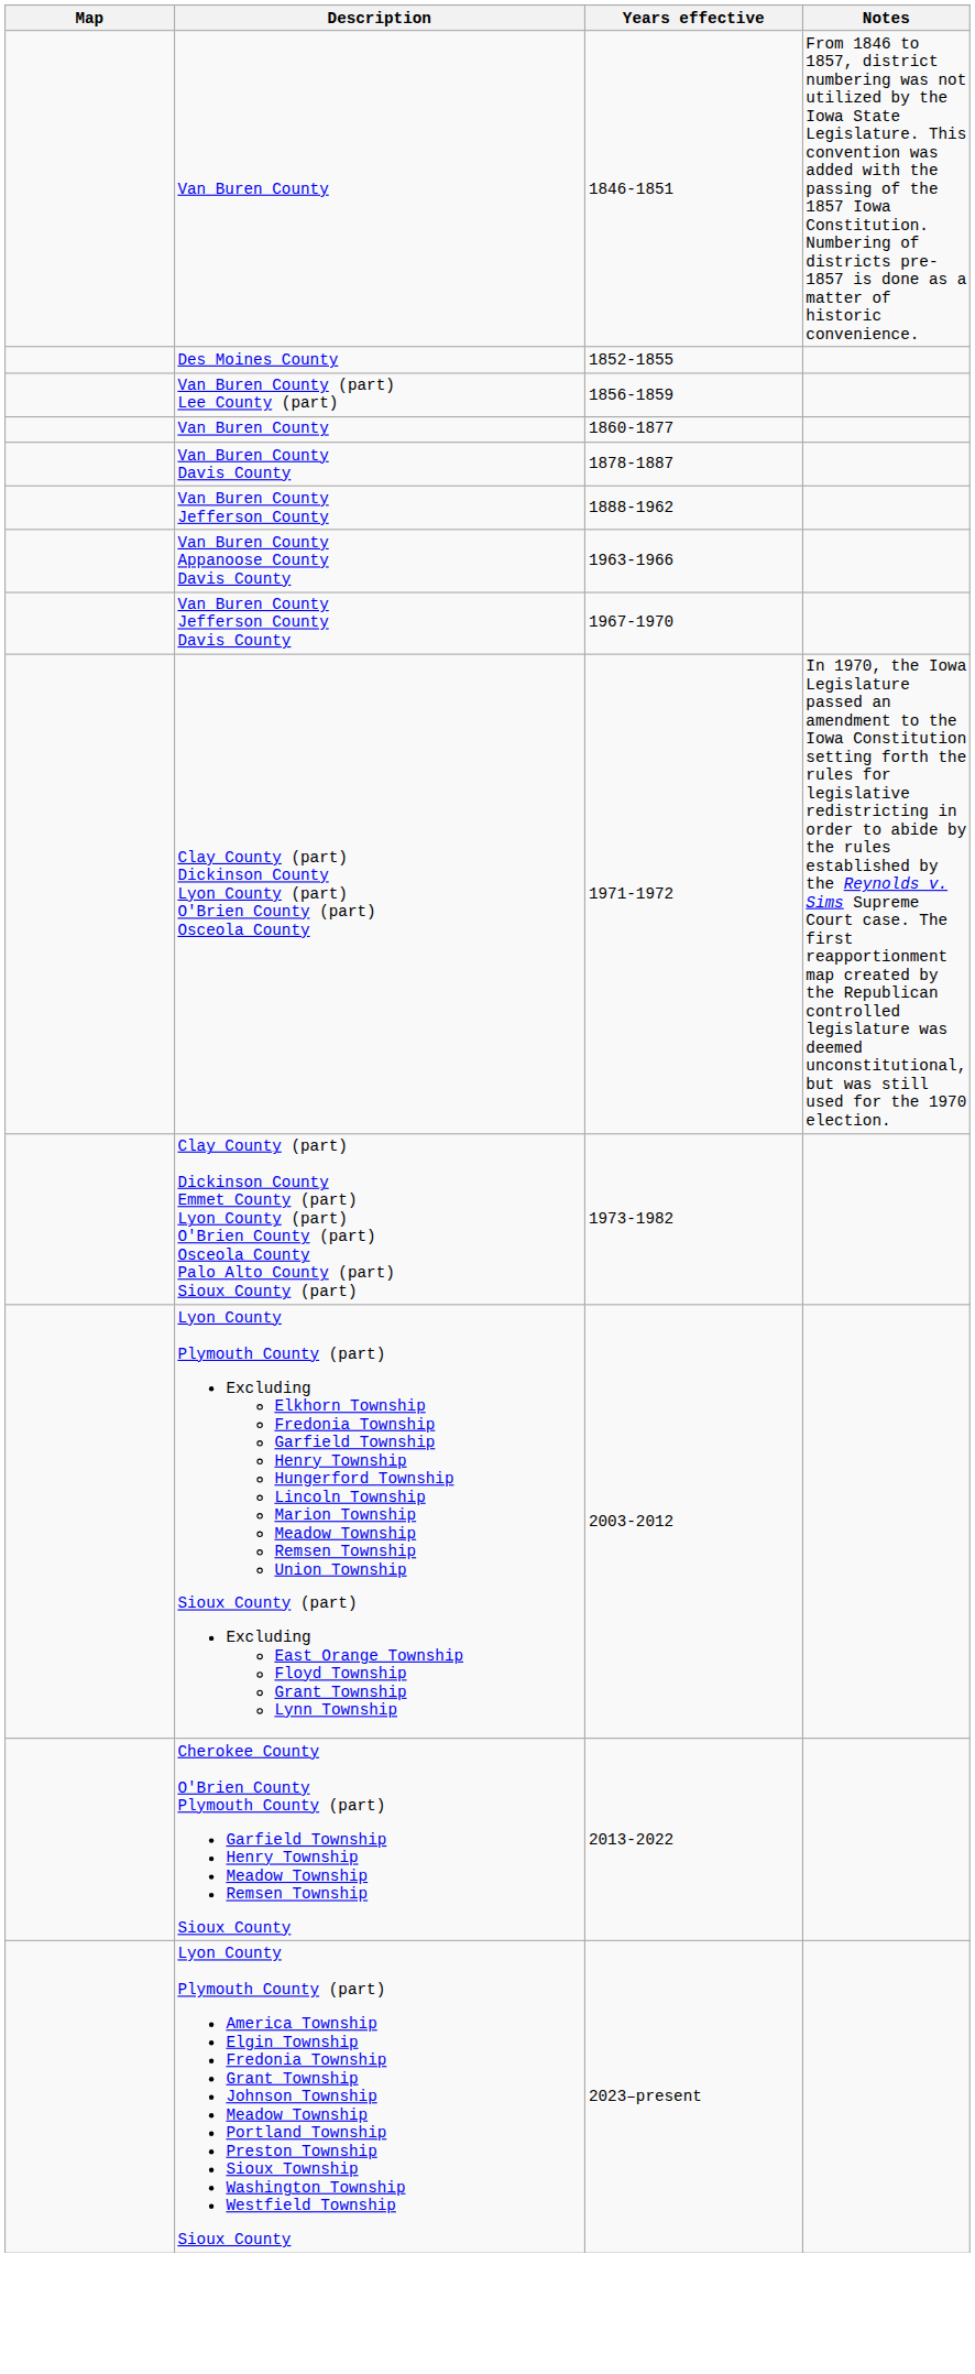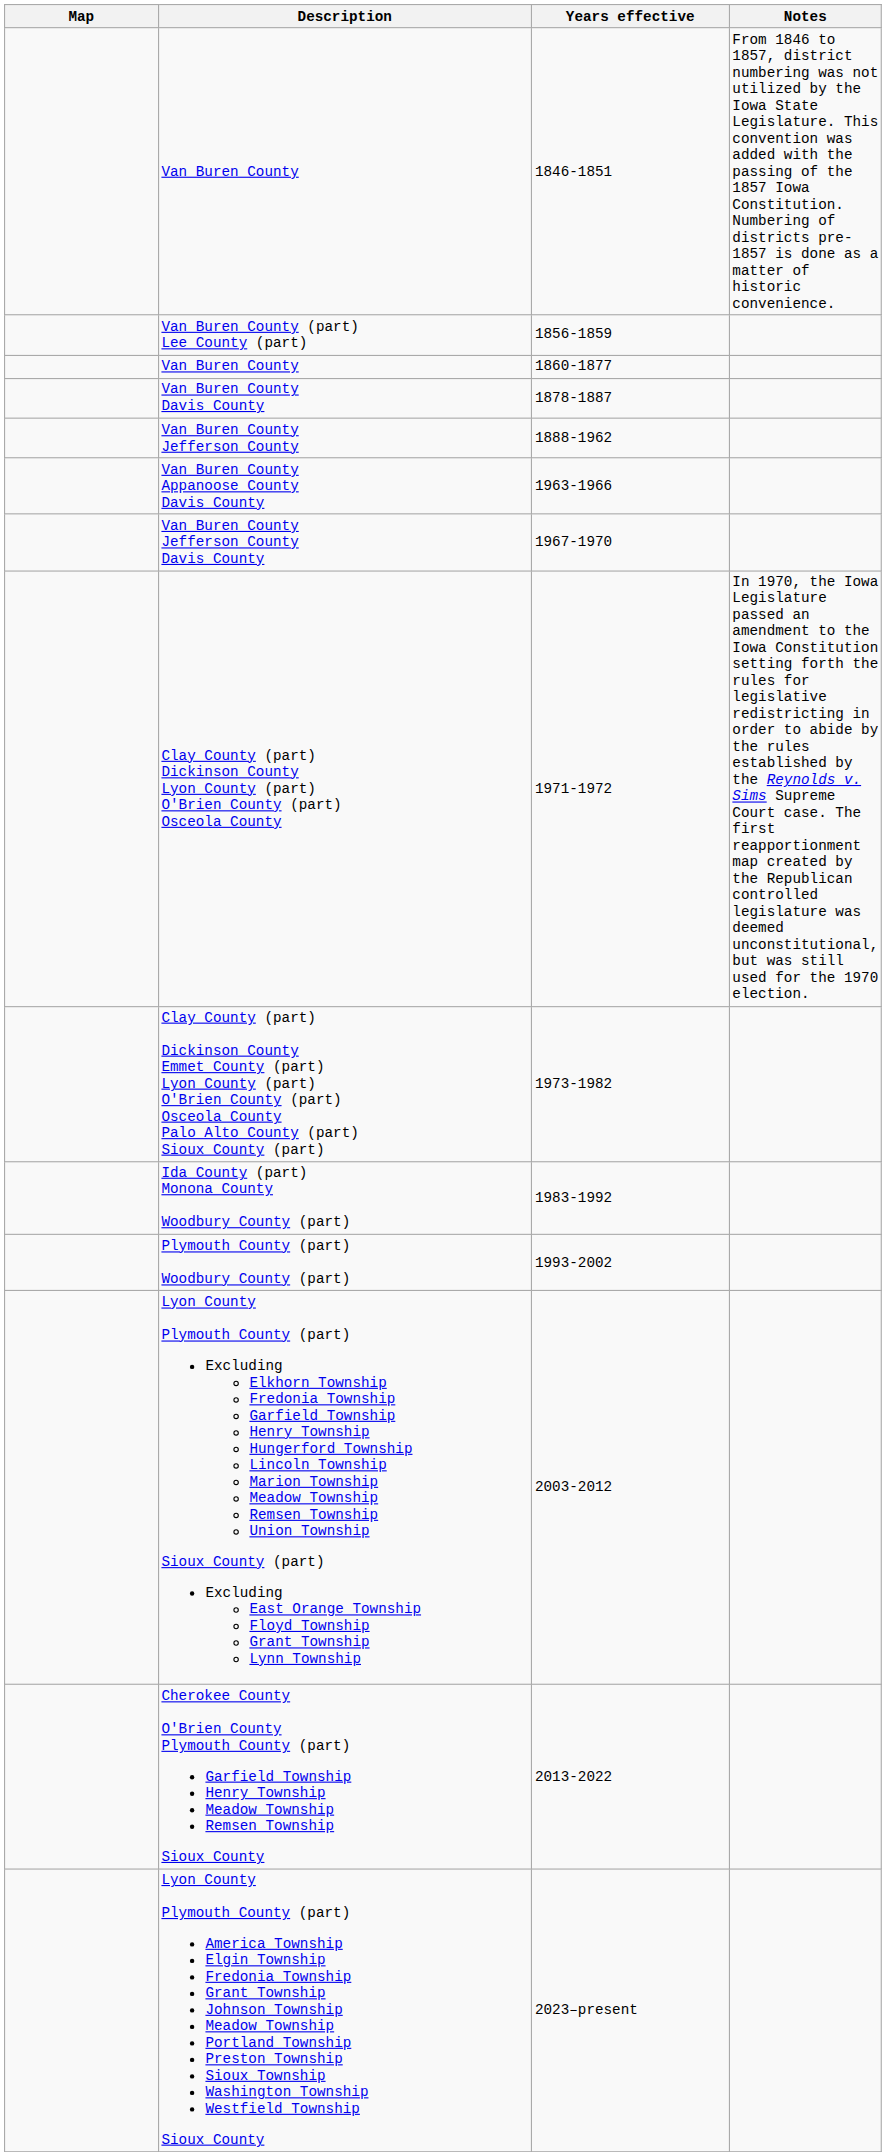 <table class="wikitable sortable">
 <tr>
 <th style="width:100pt;">Map</th>
 <th style="width:250pt;">Description</th>
 <th style="width:130pt;">Years effective</th>
 <th style="width:15pt;">Notes</th>
 </tr>
 <tr>
 <td></td>
 <td><a href='#'>Van Buren County</a></td>
 <td>1846-1851</td>
 <td>From 1846 to 1857, district numbering was not utilized by the Iowa State Legislature. This convention was added with the passing of the 1857 Iowa Constitution. Numbering of districts pre-1857 is done as a matter of historic convenience.</td>
-</tr>
-<tr>
-<td></td>
-<td><a href='#'>Des Moines County</a></td>
-<td>1852-1855</td>
-<td></td>
 </tr>
 <tr>
 <td></td>
 <td><a href='#'>Van Buren County</a> (part)<br><a href='#'>Lee County</a> (part)</td>
 <td>1856-1859</td>
 <td></td>
 </tr>
 <tr>
 <td></td>
 <td><a href='#'>Van Buren County</a></td>
 <td>1860-1877</td>
 <td></td>
 </tr>
 <tr>
 <td></td>
 <td><a href='#'>Van Buren County</a><br><a href='#'>Davis County</a></td>
 <td>1878-1887</td>
 <td></td>
 </tr>
 <tr>
 <td></td>
 <td><a href='#'>Van Buren County</a><br><a href='#'>Jefferson County</a></td>
 <td>1888-1962</td>
 <td></td>
 </tr>
 <tr>
 <td></td>
 <td><a href='#'>Van Buren County</a><br><a href='#'>Appanoose County</a><br><a href='#'>Davis County</a></td>
 <td>1963-1966</td>
 <td></td>
 </tr>
 <tr>
 <td></td>
 <td><a href='#'>Van Buren County</a><br><a href='#'>Jefferson County</a><br><a href='#'>Davis County</a></td>
 <td>1967-1970</td>
 <td></td>
 </tr>
 <tr>
 <td></td>
 <td><a href='#'>Clay County</a> (part)<br><a href='#'>Dickinson County</a><br><a href='#'>Lyon County</a> (part)<br><a href='#'>O'Brien County</a> (part)<br><a href='#'>Osceola County</a></td>
 <td>1971-1972</td>
 <td>In 1970, the Iowa Legislature passed an amendment to the Iowa Constitution setting forth the rules for legislative redistricting in order to abide by the rules established by the <em><a href='#'>Reynolds v. Sims</a></em> Supreme Court case. The first reapportionment map created by the Republican controlled legislature was deemed unconstitutional, but was still used for the 1970 election.</td>
 </tr>
 <tr>
 <td></td>
 <td><a href='#'>Clay County</a> (part)<br><br><a href='#'>Dickinson County</a><br> <a href='#'>Emmet County</a> (part)<br> <a href='#'>Lyon County</a> (part)<br> <a href='#'>O'Brien County</a> (part)<br> <a href='#'>Osceola County</a><br> <a href='#'>Palo Alto County</a> (part)<br> <a href='#'>Sioux County</a> (part)</td>
 <td>1973-1982</td>
 <td></td>
 </tr>
 <tr>
 <td></td>
+<td><a href='#'>Ida County</a> (part)<br><a href='#'>Monona County</a><br><br><a href='#'>Woodbury County</a> (part)</td>
+<td>1983-1992</td>
+<td></td>
+</tr>
+<tr>
+<td></td>
+<td><a href='#'>Plymouth County</a> (part)<br><br><a href='#'>Woodbury County</a> (part)</td>
+<td>1993-2002</td>
+<td></td>
+</tr>
+<tr>
+<td></td>
 <td><a href='#'>Lyon County</a><br><br><a href='#'>Plymouth County</a> (part)<ul><li>Excluding<ul><li><a href='#'>Elkhorn Township</a></li><li><a href='#'>Fredonia Township</a></li><li><a href='#'>Garfield Township</a></li><li><a href='#'>Henry Township</a></li><li><a href='#'>Hungerford Township</a></li><li><a href='#'>Lincoln Township</a></li><li><a href='#'>Marion Township</a></li><li><a href='#'>Meadow Township</a></li><li><a href='#'>Remsen Township</a></li><li><a href='#'>Union Township</a></li></ul></li></ul><a href='#'>Sioux County</a> (part)<ul><li>Excluding<ul><li><a href='#'>East Orange Township</a></li><li><a href='#'>Floyd Township</a></li><li><a href='#'>Grant Township</a></li><li><a href='#'>Lynn Township</a></li></ul></li></ul></td>
 <td>2003-2012</td>
 <td></td>
 </tr>
 <tr>
 <td></td>
 <td><a href='#'>Cherokee County</a><br><br><a href='#'>O'Brien County</a><br> <a href='#'>Plymouth County</a> (part)<ul><li><a href='#'>Garfield Township</a></li><li><a href='#'>Henry Township</a></li><li><a href='#'>Meadow Township</a></li><li><a href='#'>Remsen Township</a></li></ul><a href='#'>Sioux County</a></td>
 <td>2013-2022</td>
 <td></td>
 </tr>
 <tr>
 <td></td>
 <td><a href='#'>Lyon County</a><br><br><a href='#'>Plymouth County</a> (part)<ul><li><a href='#'>America Township</a></li><li><a href='#'>Elgin Township</a></li><li><a href='#'>Fredonia Township</a></li><li><a href='#'>Grant Township</a></li><li><a href='#'>Johnson Township</a></li><li><a href='#'>Meadow Township</a></li><li><a href='#'>Portland Township</a></li><li><a href='#'>Preston Township</a></li><li><a href='#'>Sioux Township</a></li><li><a href='#'>Washington Township</a></li><li><a href='#'>Westfield Township</a></li></ul><a href='#'>Sioux County</a></td>
 <td>2023–present</td>
 </tr>
 </table>
